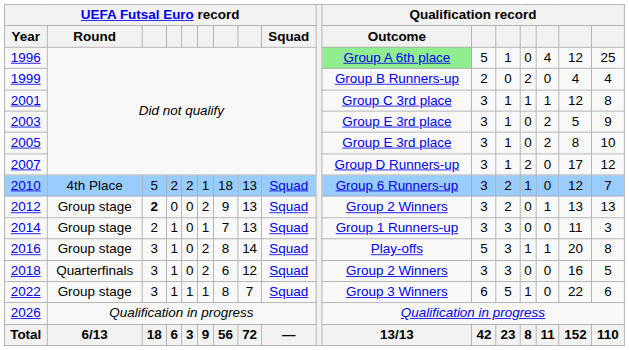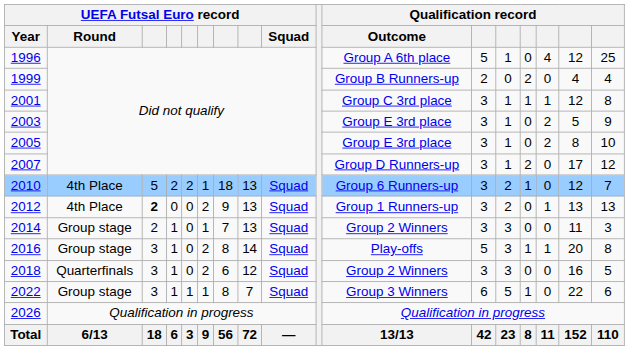 <table class="wikitable" style="text-align: center;">
 <tr>
 <th colspan=9><a href='#'>UEFA Futsal Euro</a> record</th>
 <th width=1% rowspan=17></th>
 <th colspan=7>Qualification record</th>
 </tr>
 <tr>
 <th>Year</th>
 <th>Round</th>
 <th></th>
 <th></th>
 <th></th>
 <th></th>
 <th></th>
 <th></th>
 <th>Squad</th>
 <th>Outcome</th>
 <th></th>
 <th></th>
 <th></th>
 <th></th>
 <th></th>
 <th></th>
 </tr>
 <tr>
 <td> <a href='#'>1996</a></td>
 <td colspan=8 rowspan=6><em>Did not qualify</em></td>
-<td style="background: lightgreen;"><a href='#'>Group A 6th place</a></td>
+<td><a href='#'>Group A 6th place</a></td>
 <td>5</td>
 <td>1</td>
 <td>0</td>
 <td>4</td>
 <td>12</td>
 <td>25</td>
 </tr>
 <tr - bgcolor=>
 <td> <a href='#'>1999</a></td>
 <td><a href='#'>Group B Runners-up</a></td>
 <td>2</td>
 <td>0</td>
 <td>2</td>
 <td>0</td>
 <td>4</td>
 <td>4</td>
 </tr>
 <tr - bgcolor=>
 <td> <a href='#'>2001</a></td>
 <td><a href='#'>Group C 3rd place</a></td>
 <td>3</td>
 <td>1</td>
 <td>1</td>
 <td>1</td>
 <td>12</td>
 <td>8</td>
 </tr>
 <tr - bgcolor=>
 <td> <a href='#'>2003</a></td>
 <td><a href='#'>Group E 3rd place</a></td>
 <td>3</td>
 <td>1</td>
 <td>0</td>
 <td>2</td>
 <td>5</td>
 <td>9</td>
 </tr>
 <tr - bgcolor=>
 <td> <a href='#'>2005</a></td>
 <td><a href='#'>Group E 3rd place</a></td>
 <td>3</td>
 <td>1</td>
 <td>0</td>
 <td>2</td>
 <td>8</td>
 <td>10</td>
 </tr>
 <tr - bgcolor=>
 <td> <a href='#'>2007</a></td>
 <td><a href='#'>Group D Runners-up</a></td>
 <td>3</td>
 <td>1</td>
 <td>2</td>
 <td>0</td>
 <td>17</td>
 <td>12</td>
 </tr>
 <tr - bgcolor="#9acdff">
 <td> <a href='#'>2010</a></td>
 <td>4th Place</td>
 <td>5</td>
 <td>2</td>
 <td>2</td>
 <td>1</td>
 <td>18</td>
 <td>13</td>
 <td><a href='#'>Squad</a></td>
 <td><a href='#'>Group 6 Runners-up</a></td>
 <td>3</td>
 <td>2</td>
 <td>1</td>
 <td>0</td>
 <td>12</td>
 <td>7</td>
 </tr>
 <tr - bgcolor=>
 <td> <a href='#'>2012</a></td>
-<td>Group stage</td>
+<td>4th Place</td>
 <td><strong>2</strong></td>
 <td>0</td>
 <td>0</td>
 <td>2</td>
 <td>9</td>
 <td>13</td>
 <td><a href='#'>Squad</a></td>
-<td><a href='#'>Group 2 Winners</a></td>
+<td><a href='#'>Group 1 Runners-up</a></td>
 <td>3</td>
 <td>2</td>
 <td>0</td>
 <td>1</td>
 <td>13</td>
 <td>13</td>
 </tr>
 <tr - bgcolor=>
 <td> <a href='#'>2014</a></td>
 <td>Group stage</td>
 <td>2</td>
 <td>1</td>
 <td>0</td>
 <td>1</td>
 <td>7</td>
 <td>13</td>
 <td><a href='#'>Squad</a></td>
-<td><a href='#'>Group 1 Runners-up</a></td>
+<td><a href='#'>Group 2 Winners</a></td>
 <td>3</td>
 <td>3</td>
 <td>0</td>
 <td>0</td>
 <td>11</td>
 <td>3</td>
 </tr>
 <tr - bgcolor=>
 <td> <a href='#'>2016</a></td>
 <td>Group stage</td>
 <td>3</td>
 <td>1</td>
 <td>0</td>
 <td>2</td>
 <td>8</td>
 <td>14</td>
 <td><a href='#'>Squad</a></td>
 <td><a href='#'>Play-offs</a></td>
 <td>5</td>
 <td>3</td>
 <td>1</td>
 <td>1</td>
 <td>20</td>
 <td>8</td>
 </tr>
 <tr - bgcolor=>
 <td> <a href='#'>2018</a></td>
 <td>Quarterfinals</td>
 <td>3</td>
 <td>1</td>
 <td>0</td>
 <td>2</td>
 <td>6</td>
 <td>12</td>
 <td><a href='#'>Squad</a></td>
 <td><a href='#'>Group 2 Winners</a></td>
 <td>3</td>
 <td>3</td>
 <td>0</td>
 <td>0</td>
 <td>16</td>
 <td>5</td>
 </tr>
 <tr - bgcolor=>
 <td> <a href='#'>2022</a></td>
 <td>Group stage</td>
 <td>3</td>
 <td>1</td>
 <td>1</td>
 <td>1</td>
 <td>8</td>
 <td>7</td>
 <td><a href='#'>Squad</a></td>
 <td><a href='#'>Group 3 Winners</a></td>
 <td>6</td>
 <td>5</td>
 <td>1</td>
 <td>0</td>
 <td>22</td>
 <td>6</td>
 </tr>
 <tr>
 <td> <a href='#'>2026</a></td>
 <td colspan=8><em>Qualification in progress</em></td>
 <td colspan=7><em><a href='#'>Qualification in progress</a></em></td>
 </tr>
 <tr>
 <th><strong>Total</strong></th>
 <th>6/13</th>
 <th>18</th>
 <th>6</th>
 <th>3</th>
 <th>9</th>
 <th>56</th>
 <th>72</th>
 <th>—</th>
 <th>13/13</th>
 <th>42</th>
 <th>23</th>
 <th>8</th>
 <th>11</th>
 <th>152</th>
 <th>110</th>
 </tr>
 </table>
